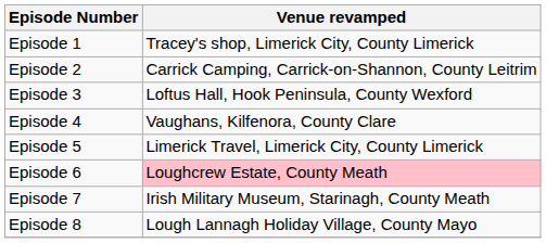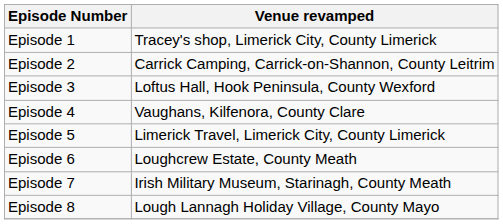 <table class="wikitable">
 <tr>
 <th>Episode Number</th>
 <th>Venue revamped</th>
 </tr>
 <tr>
 <td>Episode 1</td>
 <td>Tracey's shop, Limerick City, County Limerick</td>
 </tr>
 <tr>
 <td>Episode 2</td>
 <td>Carrick Camping, Carrick-on-Shannon, County Leitrim</td>
 </tr>
 <tr>
 <td>Episode 3</td>
 <td>Loftus Hall, Hook Peninsula, County Wexford</td>
 </tr>
 <tr>
 <td>Episode 4</td>
 <td>Vaughans, Kilfenora, County Clare</td>
 </tr>
 <tr>
 <td>Episode 5</td>
 <td>Limerick Travel, Limerick City, County Limerick</td>
 </tr>
 <tr>
 <td>Episode 6</td>
-<td style="background: pink;">Loughcrew Estate, County Meath</td>
+<td>Loughcrew Estate, County Meath</td>
 </tr>
 <tr>
 <td>Episode 7</td>
 <td>Irish Military Museum, Starinagh, County Meath</td>
 </tr>
 <tr>
 <td>Episode 8</td>
 <td>Lough Lannagh Holiday Village, County Mayo</td>
 </tr>
 <tr>
 </tr>
 </table>
